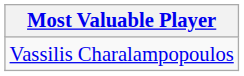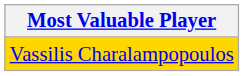 <table class=wikitable style="text-align:center; margin:auto">
 <tr>
 <th><a href='#'>Most Valuable Player</a></th>
 </tr>
 <tr>
-<td> <a href='#'>Vassilis Charalampopoulos</a></td>
+<td style="background: gold;"> <a href='#'>Vassilis Charalampopoulos</a></td>
 </tr>
 </table>
